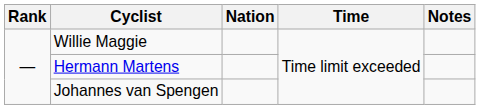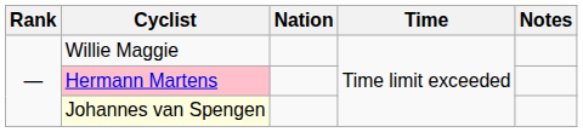 <table class="wikitable sortable" style="text-align:center">
 <tr>
 <th>Rank</th>
 <th>Cyclist</th>
 <th>Nation</th>
 <th>Time</th>
 <th>Notes</th>
 </tr>
 <tr>
 <td rowspan=3>—</td>
 <td align=left>Willie Maggie</td>
 <td align=left></td>
 <td rowspan=3>Time limit exceeded</td>
 <td></td>
 </tr>
 <tr>
-<td align=left><a href='#'>Hermann Martens</a></td>
+<td align=left style="background: pink;"><a href='#'>Hermann Martens</a></td>
 <td align=left></td>
 <td></td>
 </tr>
 <tr>
-<td align=left>Johannes van Spengen</td>
+<td align=left style="background: lightyellow;">Johannes van Spengen</td>
 <td align=left></td>
 <td></td>
 </tr>
 </table>
